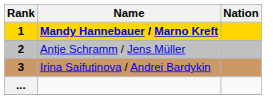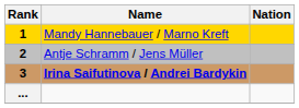 <table class="wikitable">
 <tr>
 <th>Rank</th>
 <th>Name</th>
 <th>Nation</th>
 </tr>
 <tr bgcolor="gold">
 <td align="center"><strong>1</strong></td>
-<td><strong><a href='#'>Mandy Hannebauer</a> / <a href='#'>Marno Kreft</a></strong></td>
+<td><a href='#'>Mandy Hannebauer</a> / <a href='#'>Marno Kreft</a></td>
 <td></td>
 </tr>
 <tr bgcolor="silver">
 <td align="center"><strong>2</strong></td>
 <td><a href='#'>Antje Schramm</a> / <a href='#'>Jens Müller</a></td>
 <td></td>
 </tr>
 <tr bgcolor="cc9966">
 <td align="center"><strong>3</strong></td>
-<td><a href='#'>Irina Saifutinova</a> / <a href='#'>Andrei Bardykin</a></td>
+<td><strong><a href='#'>Irina Saifutinova</a> / <a href='#'>Andrei Bardykin</a></strong></td>
 <td></td>
 </tr>
 <tr>
 <th>...</th>
 <td></td>
 <td></td>
 </tr>
 <tr>
 </tr>
 </table>
